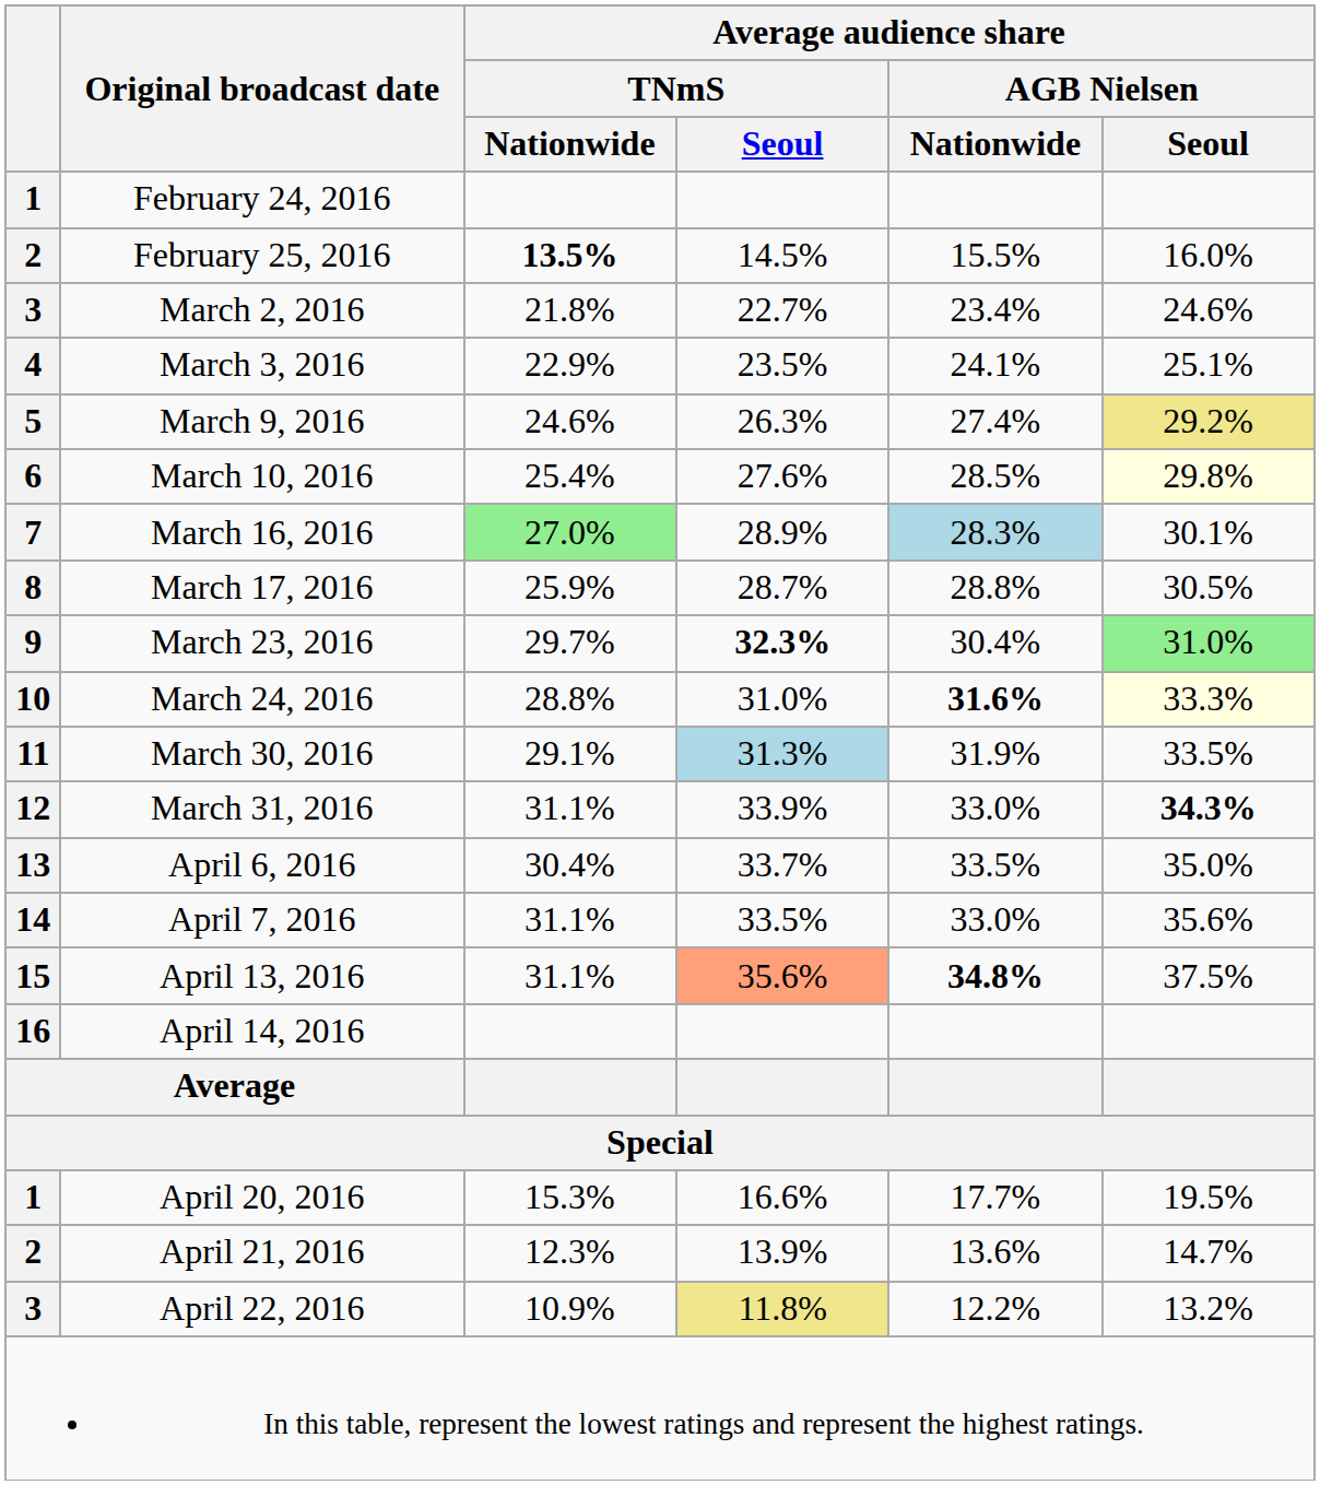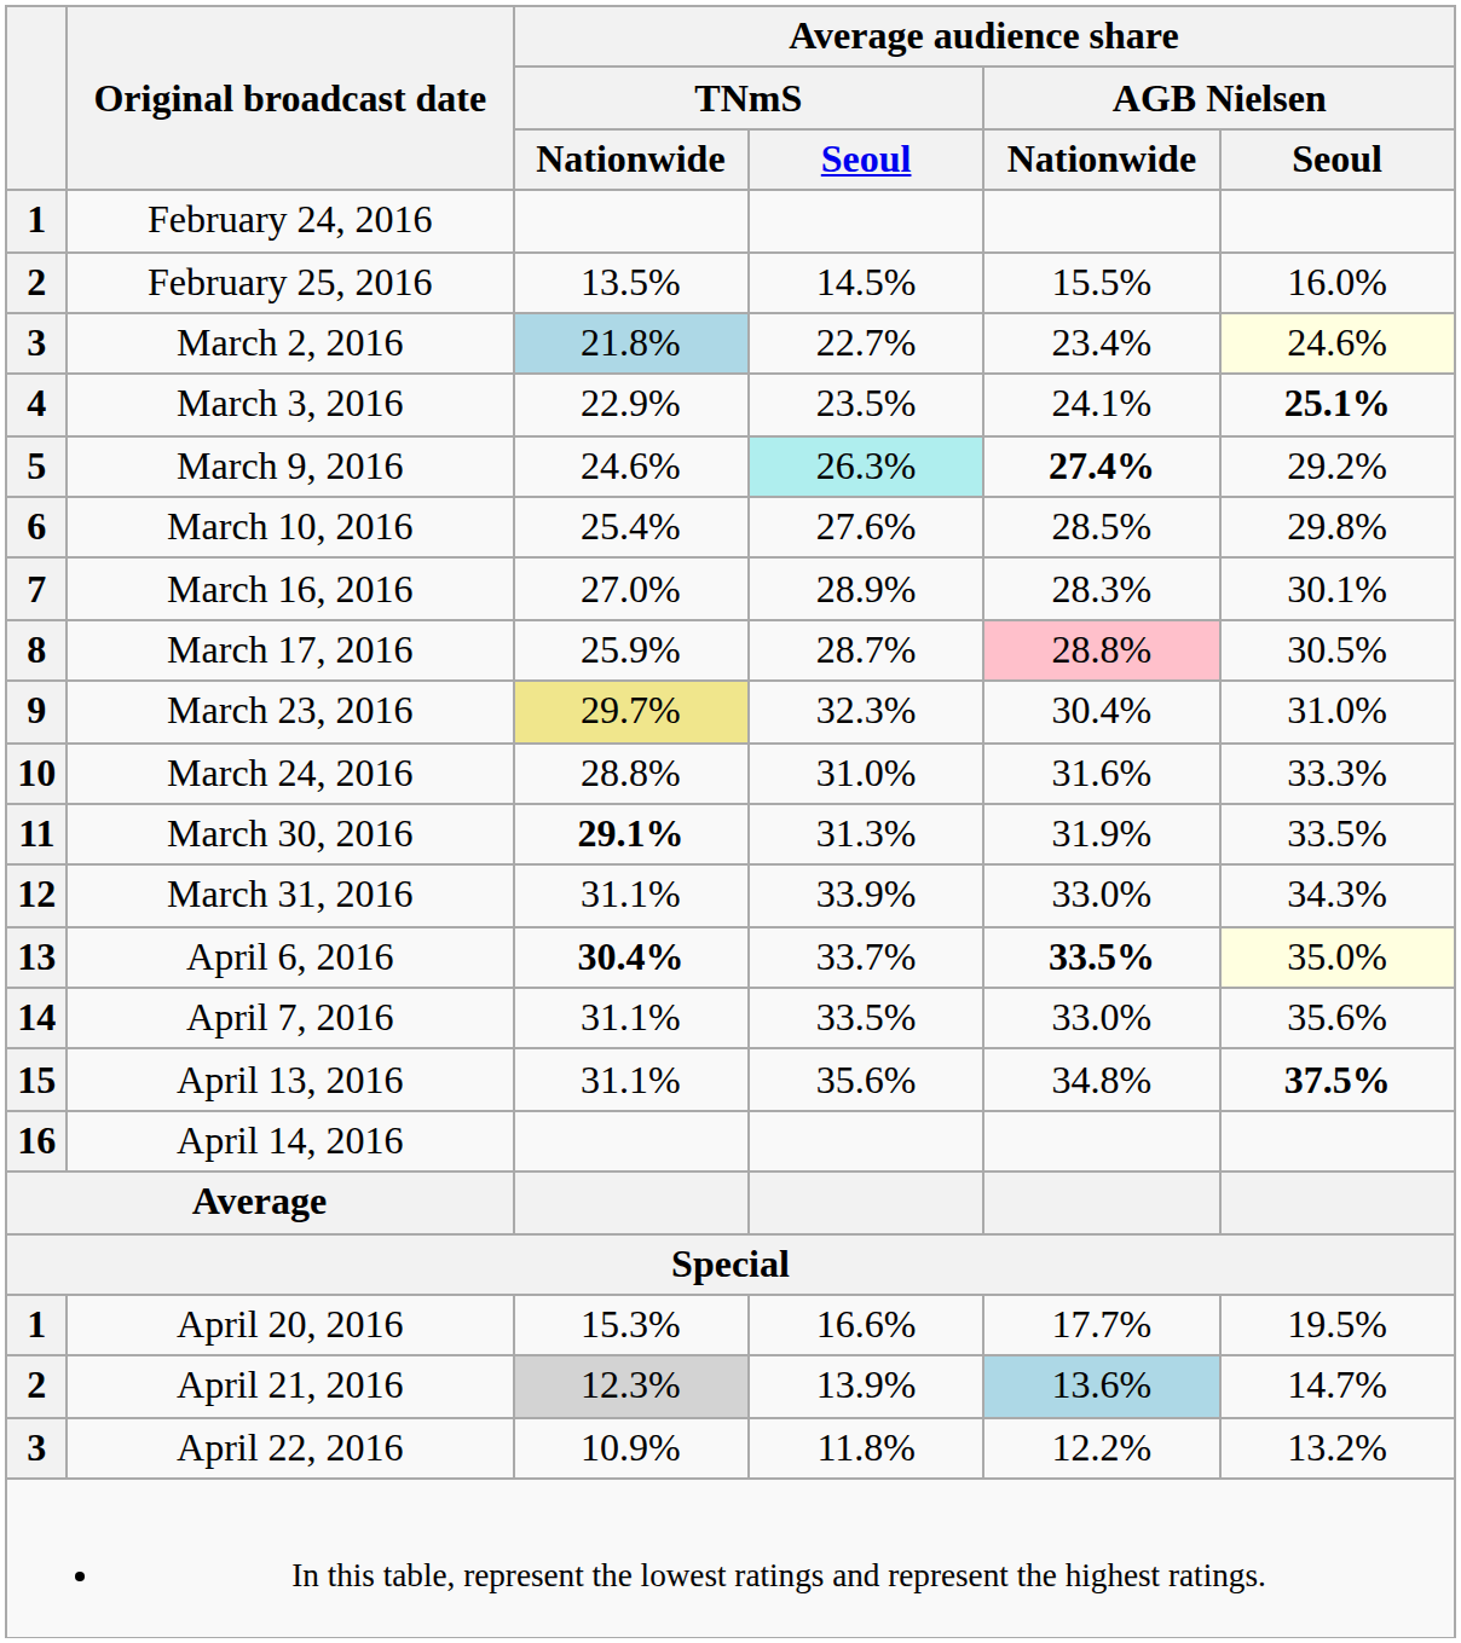 <table class="wikitable" style="margin-left:auto; margin-right:auto; width:600px; text-align:center">
 <tr>
 <th scope="col" rowspan="3"></th>
 <th scope="col" rowspan="3">Original broadcast date</th>
 <th scope="col" colspan="4">Average audience share</th>
 </tr>
 <tr>
 <th scope="col" colspan="2">TNmS</th>
 <th scope="col" colspan="2">AGB Nielsen</th>
 </tr>
 <tr>
 <th width="90">Nationwide</th>
 <th width="90"><a href='#'>Seoul</a></th>
 <th width="90">Nationwide</th>
 <th width="90">Seoul</th>
 </tr>
 <tr>
 <th scope="col">1</th>
 <td>February 24, 2016</td>
 <td> </td>
 <td> </td>
 <td> </td>
 <td> </td>
 </tr>
 <tr>
 <th scope="col">2</th>
 <td>February 25, 2016</td>
-<td><strong>13.5% </strong></td>
+<td>13.5% </td>
 <td>14.5% </td>
 <td>15.5% </td>
 <td>16.0% </td>
 </tr>
 <tr>
 <th scope="col">3</th>
 <td>March 2, 2016</td>
-<td>21.8% </td>
+<td style="background: lightblue;">21.8% </td>
 <td>22.7% </td>
 <td>23.4% </td>
-<td>24.6% </td>
+<td style="background: lightyellow;">24.6% </td>
 </tr>
 <tr>
 <th scope="col">4</th>
 <td>March 3, 2016</td>
 <td>22.9% </td>
 <td>23.5% </td>
 <td>24.1% </td>
-<td>25.1% </td>
+<td><strong>25.1% </strong></td>
 </tr>
 <tr>
 <th scope="col">5</th>
 <td>March 9, 2016</td>
 <td>24.6% </td>
-<td>26.3% </td>
-<td>27.4% </td>
-<td style="background: khaki;">29.2% </td>
+<td style="background: paleturquoise;">26.3% </td>
+<td><strong>27.4% </strong></td>
+<td>29.2% </td>
 </tr>
 <tr>
 <th scope="col">6</th>
 <td>March 10, 2016</td>
 <td>25.4% </td>
 <td>27.6% </td>
 <td>28.5% </td>
-<td style="background: lightyellow;">29.8% </td>
+<td>29.8% </td>
 </tr>
 <tr>
 <th scope="col">7</th>
 <td>March 16, 2016</td>
-<td style="background: lightgreen;">27.0% </td>
+<td>27.0% </td>
 <td>28.9% </td>
-<td style="background: lightblue;">28.3% </td>
+<td>28.3% </td>
 <td>30.1% </td>
 </tr>
 <tr>
 <th scope="col">8</th>
 <td>March 17, 2016</td>
 <td>25.9% </td>
 <td>28.7% </td>
-<td>28.8% </td>
+<td style="background: pink;">28.8% </td>
 <td>30.5% </td>
 </tr>
 <tr>
 <th scope="col">9</th>
 <td>March 23, 2016</td>
-<td>29.7% </td>
-<td><strong>32.3% </strong></td>
+<td style="background: khaki;">29.7% </td>
+<td>32.3% </td>
 <td>30.4% </td>
-<td style="background: lightgreen;">31.0% </td>
+<td>31.0% </td>
 </tr>
 <tr>
 <th scope="col">10</th>
 <td>March 24, 2016</td>
 <td>28.8% </td>
 <td>31.0% </td>
-<td><strong>31.6% </strong></td>
-<td style="background: lightyellow;">33.3% </td>
+<td>31.6% </td>
+<td>33.3% </td>
 </tr>
 <tr>
 <th scope="col">11</th>
 <td>March 30, 2016</td>
-<td>29.1% </td>
-<td style="background: lightblue;">31.3% </td>
+<td><strong>29.1% </strong></td>
+<td>31.3% </td>
 <td>31.9% </td>
 <td>33.5% </td>
 </tr>
 <tr>
 <th scope="col">12</th>
 <td>March 31, 2016</td>
 <td>31.1% </td>
 <td>33.9% </td>
 <td>33.0% </td>
-<td><strong>34.3% </strong></td>
+<td>34.3% </td>
 </tr>
 <tr>
 <th scope="col">13</th>
 <td>April 6, 2016</td>
-<td>30.4% </td>
+<td><strong>30.4% </strong></td>
 <td>33.7% </td>
-<td>33.5% </td>
-<td>35.0% </td>
+<td><strong>33.5% </strong></td>
+<td style="background: lightyellow;">35.0% </td>
 </tr>
 <tr>
 <th scope="col">14</th>
 <td>April 7, 2016</td>
 <td>31.1% </td>
 <td>33.5% </td>
 <td>33.0% </td>
 <td>35.6% </td>
 </tr>
 <tr>
 <th scope="col">15</th>
 <td>April 13, 2016</td>
 <td>31.1% </td>
-<td style="background: lightsalmon;">35.6% </td>
-<td><strong>34.8% </strong></td>
-<td>37.5% </td>
+<td>35.6% </td>
+<td>34.8% </td>
+<td><strong>37.5% </strong></td>
 </tr>
 <tr>
 <th scope="col">16</th>
 <td>April 14, 2016</td>
 <td> </td>
 <td> </td>
 <td> </td>
 <td> </td>
 </tr>
 <tr>
 <th colspan="2">Average</th>
 <th></th>
 <th></th>
 <th></th>
 <th></th>
 </tr>
 <tr>
 <th colspan="6">Special</th>
 </tr>
 <tr>
 <th scope="col">1</th>
 <td>April 20, 2016</td>
 <td>15.3% </td>
 <td>16.6% </td>
 <td>17.7% </td>
 <td>19.5% </td>
 </tr>
 <tr>
 <th scope="col">2</th>
 <td>April 21, 2016</td>
-<td>12.3% </td>
+<td style="background: lightgrey;">12.3% </td>
 <td>13.9% </td>
-<td>13.6% </td>
+<td style="background: lightblue;">13.6% </td>
 <td>14.7% </td>
 </tr>
 <tr>
 <th scope="col">3</th>
 <td>April 22, 2016</td>
 <td>10.9% </td>
-<td style="background: khaki;">11.8% </td>
+<td>11.8% </td>
 <td>12.2% </td>
 <td>13.2% </td>
 </tr>
 <tr>
 <td colspan="6" style="font-size:85%"><br><ul><li>In this table,  represent the lowest ratings and  represent the highest ratings.</li></ul></td>
 </tr>
 </table>
